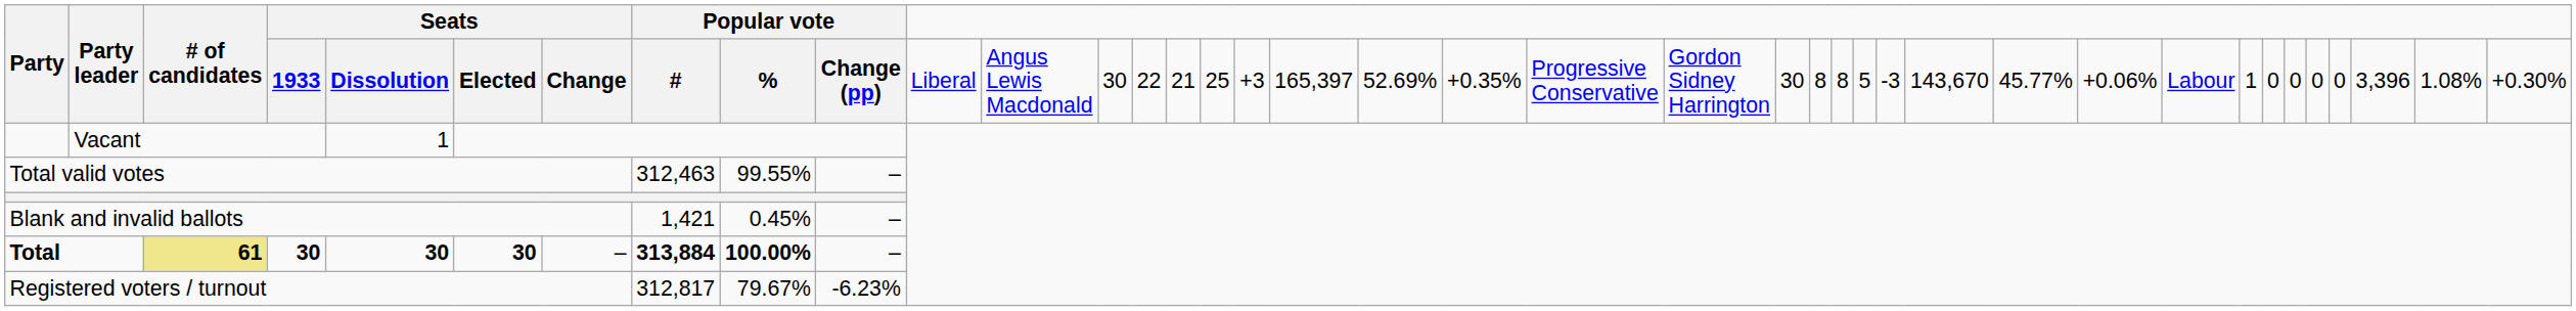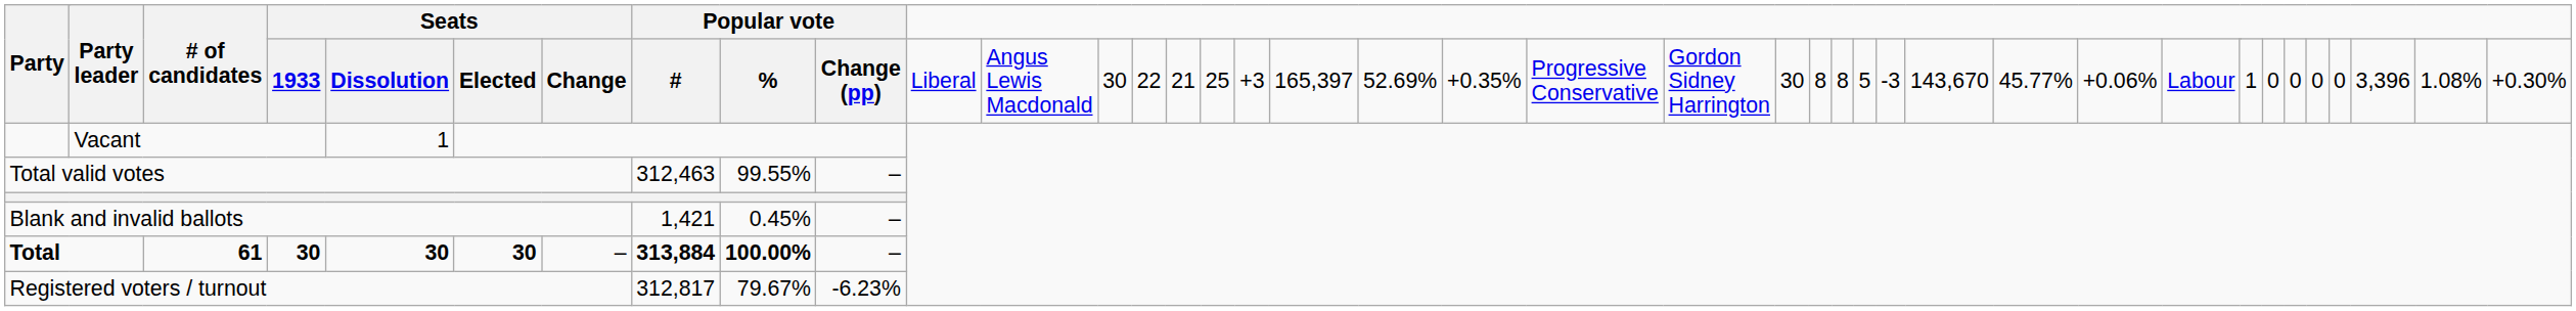 <table class="wikitable">
 <tr>
 <th rowspan="2" colspan="2">Party</th>
 <th rowspan="2">Party leader</th>
 <th rowspan="2"># of<br>candidates</th>
 <th colspan="4">Seats</th>
 <th colspan="3">Popular vote</th>
 </tr>
 <tr>
 <th><a href='#'>1933</a></th>
 <th><span><a href='#'>Dissolution</a></span></th>
 <th>Elected</th>
 <th>Change</th>
 <th>#</th>
 <th>%</th>
 <th>Change (<a href='#'>pp</a>)<br></th>
 <td><a href='#'>Liberal</a></td>
 <td><a href='#'>Angus Lewis Macdonald</a></td>
 <td align="right">30</td>
 <td align="right">22</td>
 <td align="right">21</td>
 <td align="right">25</td>
 <td align="right">+3</td>
 <td align="right">165,397</td>
 <td align="right">52.69%</td>
 <td align="right">+0.35%<br></td>
 <td><a href='#'>Progressive Conservative</a></td>
 <td><a href='#'>Gordon Sidney Harrington</a></td>
 <td align="right">30</td>
 <td align="right">8</td>
 <td align="right">8</td>
 <td align="right">5</td>
 <td align="right">-3</td>
 <td align="right">143,670</td>
 <td align="right">45.77%</td>
 <td align="right">+0.06%<br></td>
 <td colspan=2><a href='#'>Labour</a></td>
 <td align="right">1</td>
 <td align="right">0</td>
 <td align="right">0</td>
 <td align="right">0</td>
 <td align="right">0</td>
 <td align="right">3,396</td>
 <td align="right">1.08%</td>
 <td align="right">+0.30%</td>
 </tr>
 <tr>
 <td> </td>
 <td colspan=4>Vacant</td>
 <td align="right">1</td>
 <td colspan=5> </td>
 </tr>
 <tr>
 <td colspan="8">Total valid votes</td>
 <td align="right">312,463</td>
 <td align="right">99.55%</td>
 <td align="right">–</td>
 </tr>
 <tr>
 <th colspan="11"></th>
 </tr>
 <tr>
 <td colspan="8">Blank and invalid ballots</td>
 <td align="right">1,421</td>
 <td align="right">0.45%</td>
 <td align="right">–</td>
 </tr>
 <tr>
 <td colspan=3><strong>Total</strong></td>
-<td align="right" style="background: khaki;"><strong>61</strong></td>
+<td align="right"><strong>61</strong></td>
 <td align="right"><strong>30</strong></td>
 <td align="right"><strong>30</strong></td>
 <td align="right"><strong>30</strong></td>
 <td align="right">–</td>
 <td align="right"><strong>313,884</strong></td>
 <td align="right"><strong>100.00%</strong></td>
 <td align="right">–</td>
 </tr>
 <tr>
 <td colspan="8">Registered voters / turnout</td>
 <td align="right">312,817</td>
 <td align="right">79.67%</td>
 <td align="right">-6.23%</td>
 </tr>
 </table>
